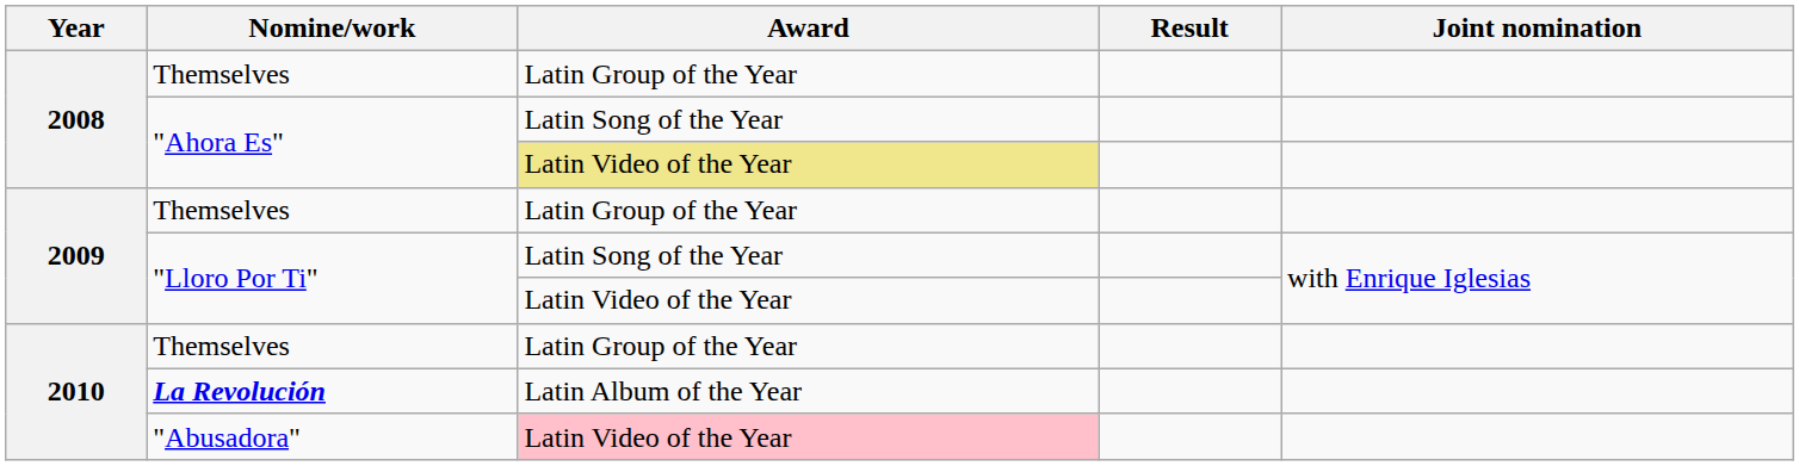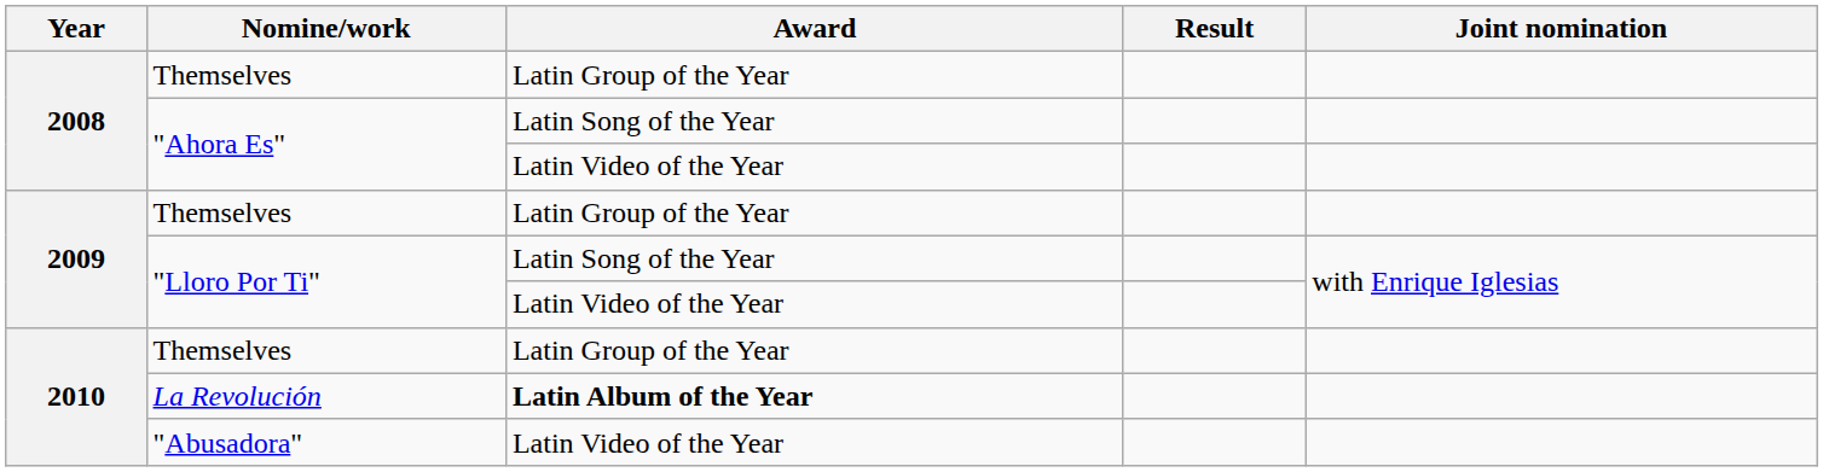 <table class="wikitable plainrowheaders" width="1000">
 <tr>
 <th>Year</th>
 <th>Nomine/work</th>
 <th>Award</th>
 <th>Result</th>
 <th>Joint nomination</th>
 </tr>
 <tr>
 <th scope="row" rowspan="3">2008</th>
 <td>Themselves</td>
 <td>Latin Group of the Year</td>
 <td></td>
 <td></td>
 </tr>
 <tr>
 <td rowspan="2">"<a href='#'>Ahora Es</a>"</td>
 <td>Latin Song of the Year</td>
 <td></td>
 <td></td>
 </tr>
 <tr>
-<td style="background: khaki;">Latin Video of the Year</td>
+<td>Latin Video of the Year</td>
 <td></td>
 <td></td>
 </tr>
 <tr>
 <th scope="row" rowspan="3">2009</th>
 <td>Themselves</td>
 <td>Latin Group of the Year</td>
 <td></td>
 <td></td>
 </tr>
 <tr>
 <td rowspan="2">"<a href='#'>Lloro Por Ti</a>"</td>
 <td>Latin Song of the Year</td>
 <td></td>
 <td rowspan="2">with <a href='#'>Enrique Iglesias</a></td>
 </tr>
 <tr>
 <td>Latin Video of the Year</td>
 <td></td>
 </tr>
 <tr>
 <th scope="row" rowspan="3">2010</th>
 <td>Themselves</td>
 <td>Latin Group of the Year</td>
 <td></td>
 <td></td>
 </tr>
 <tr>
-<td><strong><em><a href='#'>La Revolución</a></em></strong></td>
-<td>Latin Album of the Year</td>
+<td><em><a href='#'>La Revolución</a></em></td>
+<td><strong>Latin Album of the Year</strong></td>
 <td></td>
 <td></td>
 </tr>
 <tr>
 <td>"<a href='#'>Abusadora</a>"</td>
-<td style="background: pink;">Latin Video of the Year</td>
+<td>Latin Video of the Year</td>
 <td></td>
 <td></td>
 </tr>
 </table>
